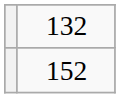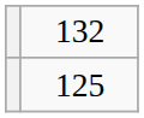 <table class="wikitable">
 <tr>
 <th></th>
 <td style="padding-left: 1em; padding-right: 1em">132</td>
 </tr>
 <tr>
 <th></th>
-<td style="padding-left: 1em; padding-right: 1em">152</td>
+<td style="padding-left: 1em; padding-right: 1em">125</td>
 </tr>
 </table>
